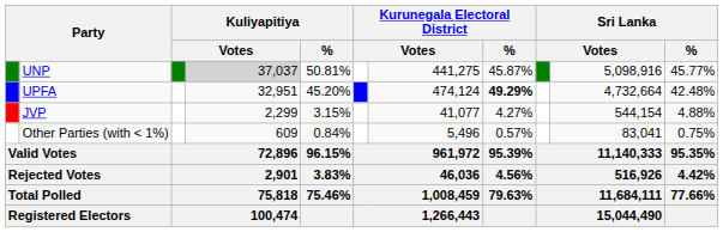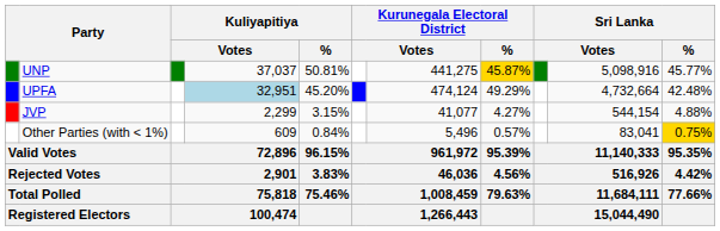 <table class="wikitable">
 <tr>
 <th colspan="2" width="144px"rowspan="2">Party</th>
 <th colspan="3" width="216px">Kuliyapitiya</th>
 <th colspan="3" width="216px"><a href='#'>Kurunegala Electoral District</a></th>
 <th colspan="3" width="216px">Sri Lanka</th>
 </tr>
 <tr>
 <th colspan="2" width="144px">Votes</th>
 <th>%</th>
 <th colspan="2" width="144px">Votes</th>
 <th>%</th>
 <th colspan="2" width="144px">Votes</th>
 <th>%</th>
 </tr>
 <tr>
 <td style="background-color:green;" width="10px"></td>
 <td style="text-align:left;"><a href='#'>UNP</a></td>
 <td style="background-color:green;" width="10px"></td>
-<td style="background: lightgrey; text-align:right;">37,037</td>
+<td style="text-align:right;">37,037</td>
 <td style="text-align:right;">50.81%</td>
 <td style="background-color:white;" width="10px"></td>
 <td style="text-align:right;">441,275</td>
-<td style="text-align:right;">45.87%</td>
+<td style="background: gold; text-align:right;">45.87%</td>
 <td style="background-color:green;" width="10px"></td>
 <td style="text-align:right;">5,098,916</td>
 <td style="text-align:right;">45.77%</td>
 </tr>
 <tr>
 <td style="background-color:blue;" width="10px"></td>
 <td style="text-align:left;"><a href='#'>UPFA</a></td>
 <td style="background-color:white;" width="10px"></td>
-<td style="text-align:right;">32,951</td>
+<td style="background: lightblue; text-align:right;">32,951</td>
 <td style="text-align:right;">45.20%</td>
 <td style="background-color:blue;" width="10px"></td>
 <td style="text-align:right;">474,124</td>
-<td style="text-align:right;"><strong>49.29%</strong></td>
+<td style="text-align:right;">49.29%</td>
 <td style="background-color:white;" width="10px"></td>
 <td style="text-align:right;">4,732,664</td>
 <td style="text-align:right;">42.48%</td>
 </tr>
 <tr>
 <td style="background-color:red;" width="10px"></td>
 <td style="text-align:left;"><a href='#'>JVP</a></td>
 <td style="background-color:white;" width="10px"></td>
 <td style="text-align:right;">2,299</td>
 <td style="text-align:right;">3.15%</td>
 <td style="background-color:white;" width="10px"></td>
 <td style="text-align:right;">41,077</td>
 <td style="text-align:right;">4.27%</td>
 <td style="background-color:white;" width="10px"></td>
 <td style="text-align:right;">544,154</td>
 <td style="text-align:right;">4.88%</td>
 </tr>
 <tr>
 <td style="background-color:white;" width="10px"></td>
 <td style="text-align:left;">Other Parties (with < 1%)</td>
 <td style="background-color:white;" width="10px"></td>
 <td style="text-align:right;">609</td>
 <td style="text-align:right;">0.84%</td>
 <td style="background-color:white;" width="10px"></td>
 <td style="text-align:right;">5,496</td>
 <td style="text-align:right;">0.57%</td>
 <td style="background-color:white;" width="10px"></td>
 <td style="text-align:right;">83,041</td>
-<td style="text-align:right;">0.75%</td>
+<td style="background: gold; text-align:right;">0.75%</td>
 </tr>
 <tr>
 <th colspan="2" width="144px"style="text-align:left;">Valid Votes</th>
 <th style="text-align:right;"colspan="2" width="144px">72,896</th>
 <th style="text-align:right;">96.15%</th>
 <th style="text-align:right;"colspan="2" width="144px">961,972</th>
 <th style="text-align:right;">95.39%</th>
 <th style="text-align:right;"colspan="2" width="144px">11,140,333</th>
 <th style="text-align:right;">95.35%</th>
 </tr>
 <tr>
 <th colspan="2" width="144px"style="text-align:left;">Rejected Votes</th>
 <th style="text-align:right;"colspan="2" width="144px">2,901</th>
 <th style="text-align:right;">3.83%</th>
 <th style="text-align:right;"colspan="2" width="144px">46,036</th>
 <th style="text-align:right;">4.56%</th>
 <th style="text-align:right;"colspan="2" width="144px">516,926</th>
 <th style="text-align:right;">4.42%</th>
 </tr>
 <tr>
 <th colspan="2" width="144px"style="text-align:left;">Total Polled</th>
 <th style="text-align:right;"colspan="2" width="144px">75,818</th>
 <th style="text-align:right;">75.46%</th>
 <th style="text-align:right;"colspan="2" width="144px">1,008,459</th>
 <th style="text-align:right;">79.63%</th>
 <th style="text-align:right;"colspan="2" width="144px">11,684,111</th>
 <th style="text-align:right;">77.66%</th>
 </tr>
 <tr>
 <th colspan="2" width="144px"style="text-align:left;">Registered Electors</th>
 <th style="text-align:right;"colspan="2" width="144px">100,474</th>
 <th></th>
 <th style="text-align:right;"colspan="2" width="144px">1,266,443</th>
 <th></th>
 <th style="text-align:right;"colspan="2" width="144px">15,044,490</th>
 <th></th>
 </tr>
 </table>
